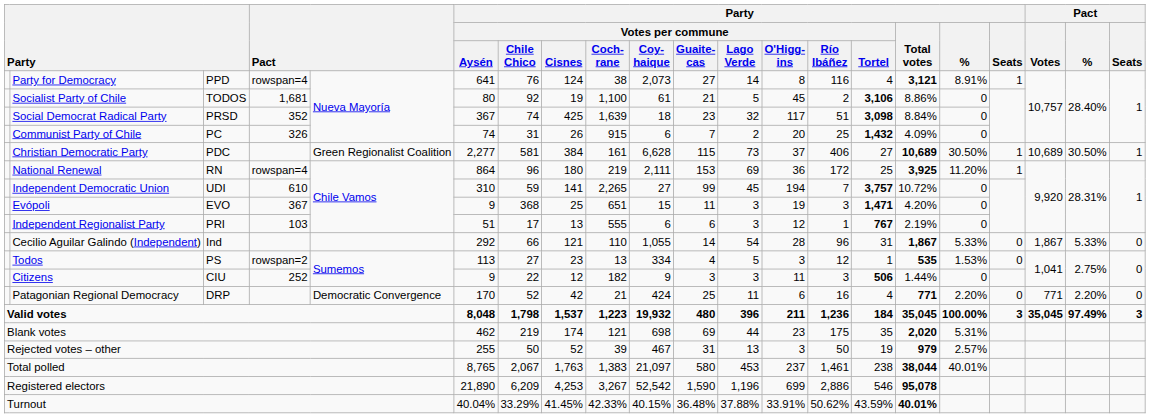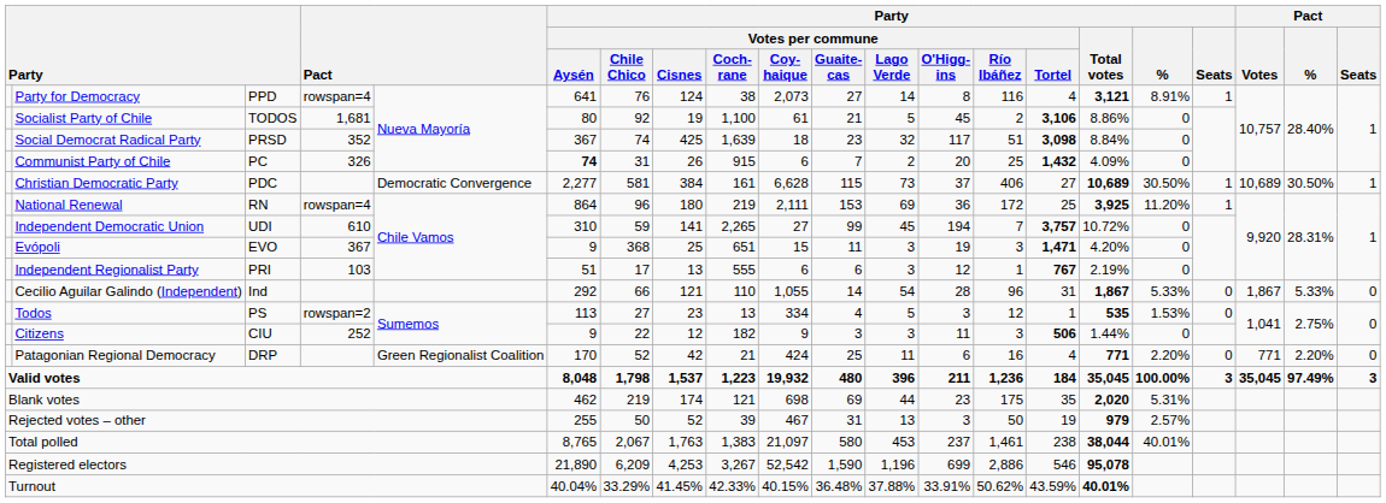 <table class="wikitable" border="1" style="font-size:90%; text-align:right; white-space: nowrap;">
 <tr>
 <th style="text-align:left;" valign=bottom rowspan=3 colspan=3>Party</th>
 <th style="text-align:left;" valign=bottom rowspan=3 colspan=2>Pact</th>
 <th colspan=13>Party</th>
 <th colspan=3>Pact</th>
 </tr>
 <tr>
 <th colspan=10>Votes per commune</th>
 <th align=center valign=bottom rowspan=2 width="40">Total<br>votes</th>
 <th align=center valign=bottom rowspan=2 width="40">%</th>
 <th align=center valign=bottom rowspan=2>Seats</th>
 <th align=center valign=bottom rowspan=2 width="40">Votes</th>
 <th align=center valign=bottom rowspan=2 width="40">%</th>
 <th align=center valign=bottom rowspan=2>Seats</th>
 </tr>
 <tr>
 <th align=center valign=bottom width="40"><a href='#'>Aysén</a></th>
 <th align=center valign=bottom width="40"><a href='#'>Chile<br>Chico</a></th>
 <th align=center valign=bottom width="40"><a href='#'>Cisnes</a></th>
 <th align=center valign=bottom width="40"><a href='#'>Coch-<br>rane</a></th>
 <th align=center valign=bottom width="40"><a href='#'>Coy-<br>haique</a></th>
 <th align=center valign=bottom width="40"><a href='#'>Guaite-<br>cas</a></th>
 <th align=center valign=bottom width="40"><a href='#'>Lago<br>Verde</a></th>
 <th align=center valign=bottom width="40"><a href='#'>O'Higg-<br>ins</a></th>
 <th align=center valign=bottom width="40"><a href='#'>Río<br>Ibáñez</a></th>
 <th align=center valign=bottom width="40"><a href='#'>Tortel</a></th>
 </tr>
 <tr>
 <td></td>
 <td align=left><a href='#'>Party for Democracy</a></td>
 <td align=left>PPD</td>
 <td>rowspan=4 </td>
 <td rowspan=4 align=left><a href='#'>Nueva Mayoría</a></td>
 <td>641</td>
 <td>76</td>
 <td>124</td>
 <td>38</td>
 <td>2,073</td>
 <td>27</td>
 <td>14</td>
 <td>8</td>
 <td>116</td>
 <td>4</td>
 <td><strong>3,121</strong></td>
 <td>8.91%</td>
 <td>1</td>
 <td rowspan=4>10,757</td>
 <td rowspan=4>28.40%</td>
 <td rowspan=4>1</td>
 </tr>
 <tr>
 <td></td>
 <td align=left><a href='#'>Socialist Party of Chile</a></td>
 <td align=left>TODOS</td>
 <td>1,681</td>
 <td>80</td>
 <td>92</td>
 <td>19</td>
 <td>1,100</td>
 <td>61</td>
 <td>21</td>
 <td>5</td>
 <td>45</td>
 <td>2</td>
 <td><strong>3,106</strong></td>
 <td>8.86%</td>
 <td>0</td>
 </tr>
 <tr>
 <td></td>
 <td align=left><a href='#'>Social Democrat Radical Party</a></td>
 <td align=left>PRSD</td>
 <td>352</td>
 <td>367</td>
 <td>74</td>
 <td>425</td>
 <td>1,639</td>
 <td>18</td>
 <td>23</td>
 <td>32</td>
 <td>117</td>
 <td>51</td>
 <td><strong>3,098</strong></td>
 <td>8.84%</td>
 <td>0</td>
 </tr>
 <tr>
 <td></td>
 <td align=left><a href='#'>Communist Party of Chile</a></td>
 <td align=left>PC</td>
 <td>326</td>
-<td>74</td>
+<td><strong>74</strong></td>
 <td>31</td>
 <td>26</td>
 <td>915</td>
 <td>6</td>
 <td>7</td>
 <td>2</td>
 <td>20</td>
 <td>25</td>
 <td><strong>1,432</strong></td>
 <td>4.09%</td>
 <td>0</td>
 </tr>
 <tr>
 <td></td>
 <td align=left><a href='#'>Christian Democratic Party</a></td>
 <td align=left>PDC</td>
 <td></td>
-<td align=left>Green Regionalist Coalition</td>
+<td align=left>Democratic Convergence</td>
 <td>2,277</td>
 <td>581</td>
 <td>384</td>
 <td>161</td>
 <td>6,628</td>
 <td>115</td>
 <td>73</td>
 <td>37</td>
 <td>406</td>
 <td>27</td>
 <td><strong>10,689</strong></td>
 <td>30.50%</td>
 <td>1</td>
 <td>10,689</td>
 <td>30.50%</td>
 <td>1</td>
 </tr>
 <tr>
 <td></td>
 <td align=left><a href='#'>National Renewal</a></td>
 <td align=left>RN</td>
 <td>rowspan=4 </td>
 <td rowspan=4 align=left><a href='#'>Chile Vamos</a></td>
 <td>864</td>
 <td>96</td>
 <td>180</td>
 <td>219</td>
 <td>2,111</td>
 <td>153</td>
 <td>69</td>
 <td>36</td>
 <td>172</td>
 <td>25</td>
 <td><strong>3,925</strong></td>
 <td>11.20%</td>
 <td>1</td>
 <td rowspan=4>9,920</td>
 <td rowspan=4>28.31%</td>
 <td rowspan=4>1</td>
 </tr>
 <tr>
 <td></td>
 <td align=left><a href='#'>Independent Democratic Union</a></td>
 <td align=left>UDI</td>
 <td>610</td>
 <td>310</td>
 <td>59</td>
 <td>141</td>
 <td>2,265</td>
 <td>27</td>
 <td>99</td>
 <td>45</td>
 <td>194</td>
 <td>7</td>
 <td><strong>3,757</strong></td>
 <td>10.72%</td>
 <td>0</td>
 </tr>
 <tr>
 <td></td>
 <td align=left><a href='#'>Evópoli</a></td>
 <td align=left>EVO</td>
 <td>367</td>
 <td>9</td>
 <td>368</td>
 <td>25</td>
 <td>651</td>
 <td>15</td>
 <td>11</td>
 <td>3</td>
 <td>19</td>
 <td>3</td>
 <td><strong>1,471</strong></td>
 <td>4.20%</td>
 <td>0</td>
 </tr>
 <tr>
 <td></td>
 <td align=left><a href='#'>Independent Regionalist Party</a></td>
 <td align=left>PRI</td>
 <td>103</td>
 <td>51</td>
 <td>17</td>
 <td>13</td>
 <td>555</td>
 <td>6</td>
 <td>6</td>
 <td>3</td>
 <td>12</td>
 <td>1</td>
 <td><strong>767</strong></td>
 <td>2.19%</td>
 <td>0</td>
 </tr>
 <tr>
 <td></td>
 <td align=left>Cecilio Aguilar Galindo (<a href='#'>Independent</a>)</td>
 <td align=left>Ind</td>
 <td></td>
 <td></td>
 <td>292</td>
 <td>66</td>
 <td>121</td>
 <td>110</td>
 <td>1,055</td>
 <td>14</td>
 <td>54</td>
 <td>28</td>
 <td>96</td>
 <td>31</td>
 <td><strong>1,867</strong></td>
 <td>5.33%</td>
 <td>0</td>
 <td>1,867</td>
 <td>5.33%</td>
 <td>0</td>
 </tr>
 <tr>
 <td></td>
 <td align=left><a href='#'>Todos</a></td>
 <td align=left>PS</td>
 <td>rowspan=2 </td>
 <td rowspan=2 align=left><a href='#'>Sumemos</a></td>
 <td>113</td>
 <td>27</td>
 <td>23</td>
 <td>13</td>
 <td>334</td>
 <td>4</td>
 <td>5</td>
 <td>3</td>
 <td>12</td>
 <td>1</td>
 <td><strong>535</strong></td>
 <td>1.53%</td>
 <td>0</td>
 <td rowspan=2>1,041</td>
 <td rowspan=2>2.75%</td>
 <td rowspan=2>0</td>
 </tr>
 <tr>
 <td></td>
 <td align=left><a href='#'>Citizens</a></td>
 <td align=left>CIU</td>
 <td>252</td>
 <td>9</td>
 <td>22</td>
 <td>12</td>
 <td>182</td>
 <td>9</td>
 <td>3</td>
 <td>3</td>
 <td>11</td>
 <td>3</td>
 <td><strong>506</strong></td>
 <td>1.44%</td>
 <td>0</td>
 </tr>
 <tr>
 <td></td>
 <td align=left>Patagonian Regional Democracy</td>
 <td align=left>DRP</td>
 <td></td>
-<td align=left>Democratic Convergence</td>
+<td align=left>Green Regionalist Coalition</td>
 <td>170</td>
 <td>52</td>
 <td>42</td>
 <td>21</td>
 <td>424</td>
 <td>25</td>
 <td>11</td>
 <td>6</td>
 <td>16</td>
 <td>4</td>
 <td><strong>771</strong></td>
 <td>2.20%</td>
 <td>0</td>
 <td>771</td>
 <td>2.20%</td>
 <td>0</td>
 </tr>
 <tr style="font-weight:bold">
 <td align=left colspan=5>Valid votes</td>
 <td>8,048</td>
 <td>1,798</td>
 <td>1,537</td>
 <td>1,223</td>
 <td>19,932</td>
 <td>480</td>
 <td>396</td>
 <td>211</td>
 <td>1,236</td>
 <td>184</td>
 <td>35,045</td>
 <td>100.00%</td>
 <td>3</td>
 <td>35,045</td>
 <td>97.49%</td>
 <td>3</td>
 </tr>
 <tr>
 <td align=left colspan=5>Blank votes</td>
 <td>462</td>
 <td>219</td>
 <td>174</td>
 <td>121</td>
 <td>698</td>
 <td>69</td>
 <td>44</td>
 <td>23</td>
 <td>175</td>
 <td>35</td>
 <td><strong>2,020</strong></td>
 <td>5.31%</td>
 <td></td>
 <td></td>
 <td></td>
 <td></td>
 </tr>
 <tr>
 <td align=left colspan=5>Rejected votes – other</td>
 <td>255</td>
 <td>50</td>
 <td>52</td>
 <td>39</td>
 <td>467</td>
 <td>31</td>
 <td>13</td>
 <td>3</td>
 <td>50</td>
 <td>19</td>
 <td><strong>979</strong></td>
 <td>2.57%</td>
 <td></td>
 <td></td>
 <td></td>
 <td></td>
 </tr>
 <tr>
 <td align=left colspan=5>Total polled</td>
 <td>8,765</td>
 <td>2,067</td>
 <td>1,763</td>
 <td>1,383</td>
 <td>21,097</td>
 <td>580</td>
 <td>453</td>
 <td>237</td>
 <td>1,461</td>
 <td>238</td>
 <td><strong>38,044</strong></td>
 <td>40.01%</td>
 <td></td>
 <td></td>
 <td></td>
 <td></td>
 </tr>
 <tr>
 <td align=left colspan=5>Registered electors</td>
 <td>21,890</td>
 <td>6,209</td>
 <td>4,253</td>
 <td>3,267</td>
 <td>52,542</td>
 <td>1,590</td>
 <td>1,196</td>
 <td>699</td>
 <td>2,886</td>
 <td>546</td>
 <td><strong>95,078</strong></td>
 <td></td>
 <td></td>
 <td></td>
 <td></td>
 <td></td>
 </tr>
 <tr>
 <td align=left colspan=5>Turnout</td>
 <td>40.04%</td>
 <td>33.29%</td>
 <td>41.45%</td>
 <td>42.33%</td>
 <td>40.15%</td>
 <td>36.48%</td>
 <td>37.88%</td>
 <td>33.91%</td>
 <td>50.62%</td>
 <td>43.59%</td>
 <td><strong>40.01%</strong></td>
 <td></td>
 <td></td>
 <td></td>
 <td></td>
 <td></td>
 </tr>
 </table>
